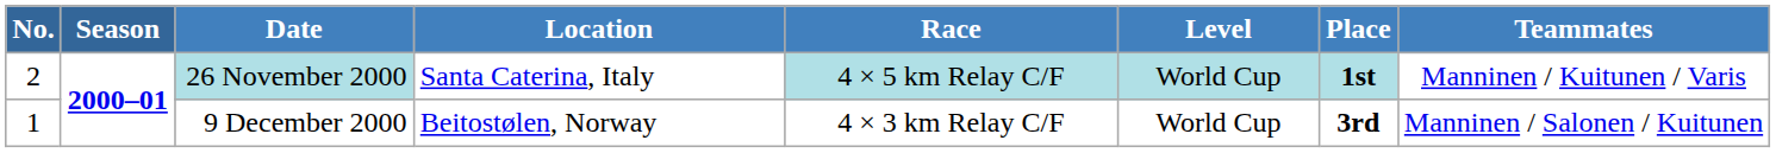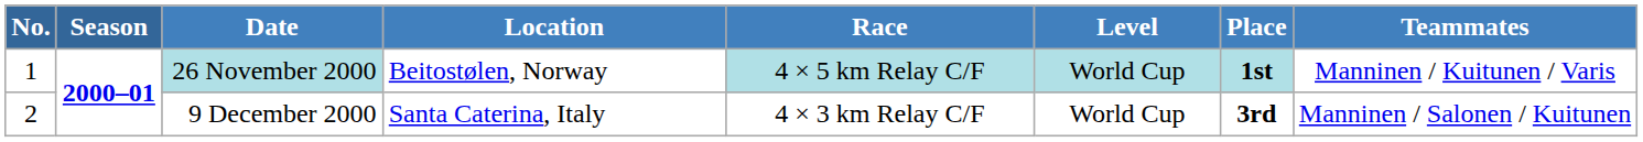 <table class="wikitable sortable" style="font-size:95%; text-align:center; border:grey solid 1px; border-collapse:collapse; background:#ffffff;">
 <tr style="background:#efefef;">
 <th style="background-color:#369; color:white;">No.</th>
 <th style="background-color:#369; color:white;">Season</th>
 <th style="background-color:#4180be; color:white; width:120px;">Date</th>
 <th style="background-color:#4180be; color:white; width:190px;">Location</th>
 <th style="background-color:#4180be; color:white; width:170px;">Race</th>
 <th style="background-color:#4180be; color:white; width:100px;">Level</th>
 <th style="background-color:#4180be; color:white;">Place</th>
 <th style="background-color:#4180be; color:white;">Teammates</th>
 </tr>
 <tr>
-<td align=center>2</td>
+<td align=center>1</td>
 <td rowspan=2 align=center><strong><a href='#'>2000–01</a></strong></td>
 <td bgcolor="#BOEOE6" align=right>26 November 2000</td>
-<td align=left> <a href='#'>Santa Caterina</a>, Italy</td>
+<td align=left> <a href='#'>Beitostølen</a>, Norway</td>
 <td bgcolor="#BOEOE6">4 × 5 km Relay C/F</td>
 <td bgcolor="#BOEOE6">World Cup</td>
 <td bgcolor="#BOEOE6"><strong>1st</strong></td>
 <td><a href='#'>Manninen</a> / <a href='#'>Kuitunen</a> / <a href='#'>Varis</a></td>
 </tr>
 <tr>
-<td align=center>1</td>
+<td align=center>2</td>
 <td align=right>9 December 2000</td>
-<td align=left> <a href='#'>Beitostølen</a>, Norway</td>
+<td align=left> <a href='#'>Santa Caterina</a>, Italy</td>
 <td>4 × 3 km Relay C/F</td>
 <td>World Cup</td>
 <td><strong>3rd</strong></td>
 <td><a href='#'>Manninen</a> / <a href='#'>Salonen</a> / <a href='#'>Kuitunen</a></td>
 </tr>
 </table>
